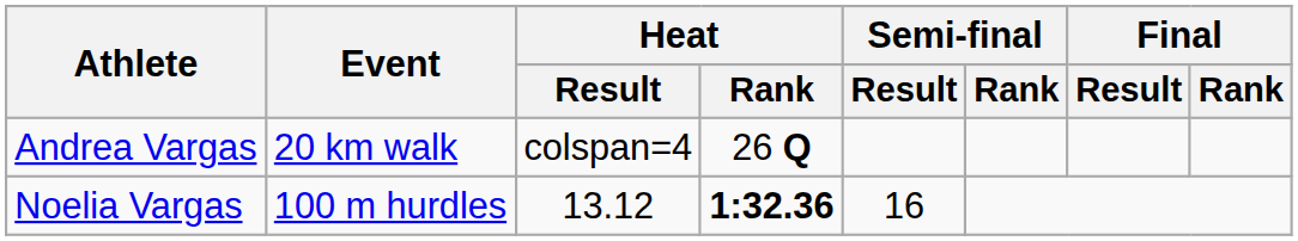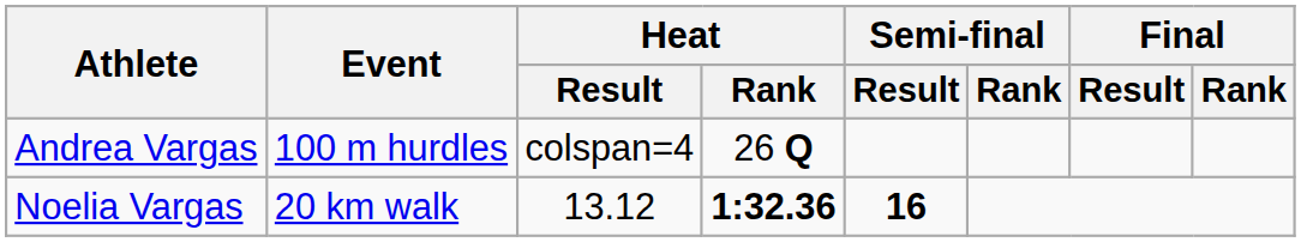 <table class=wikitable style=font-size:90%>
 <tr>
 <th rowspan=2>Athlete</th>
 <th rowspan=2>Event</th>
 <th colspan=2>Heat</th>
 <th colspan=2>Semi-final</th>
 <th colspan=2>Final</th>
 </tr>
 <tr style=font-size:95%>
 <th>Result</th>
 <th>Rank</th>
 <th>Result</th>
 <th>Rank</th>
 <th>Result</th>
 <th>Rank</th>
 </tr>
 <tr align=center>
 <td align=left><a href='#'>Andrea Vargas</a></td>
-<td align=left><a href='#'>20 km walk</a></td>
+<td align=left><a href='#'>100 m hurdles</a></td>
 <td>colspan=4</td>
 <td>26 <strong>Q</strong></td>
 <td></td>
 <td></td>
 <td></td>
 <td></td>
 </tr>
 <tr align=center>
 <td align=left><a href='#'>Noelia Vargas</a></td>
-<td align=left><a href='#'>100 m hurdles</a></td>
+<td align=left><a href='#'>20 km walk</a></td>
 <td>13.12</td>
 <td><strong>1:32.36</strong></td>
-<td>16</td>
+<td><strong>16</strong></td>
 </tr>
 </table>
